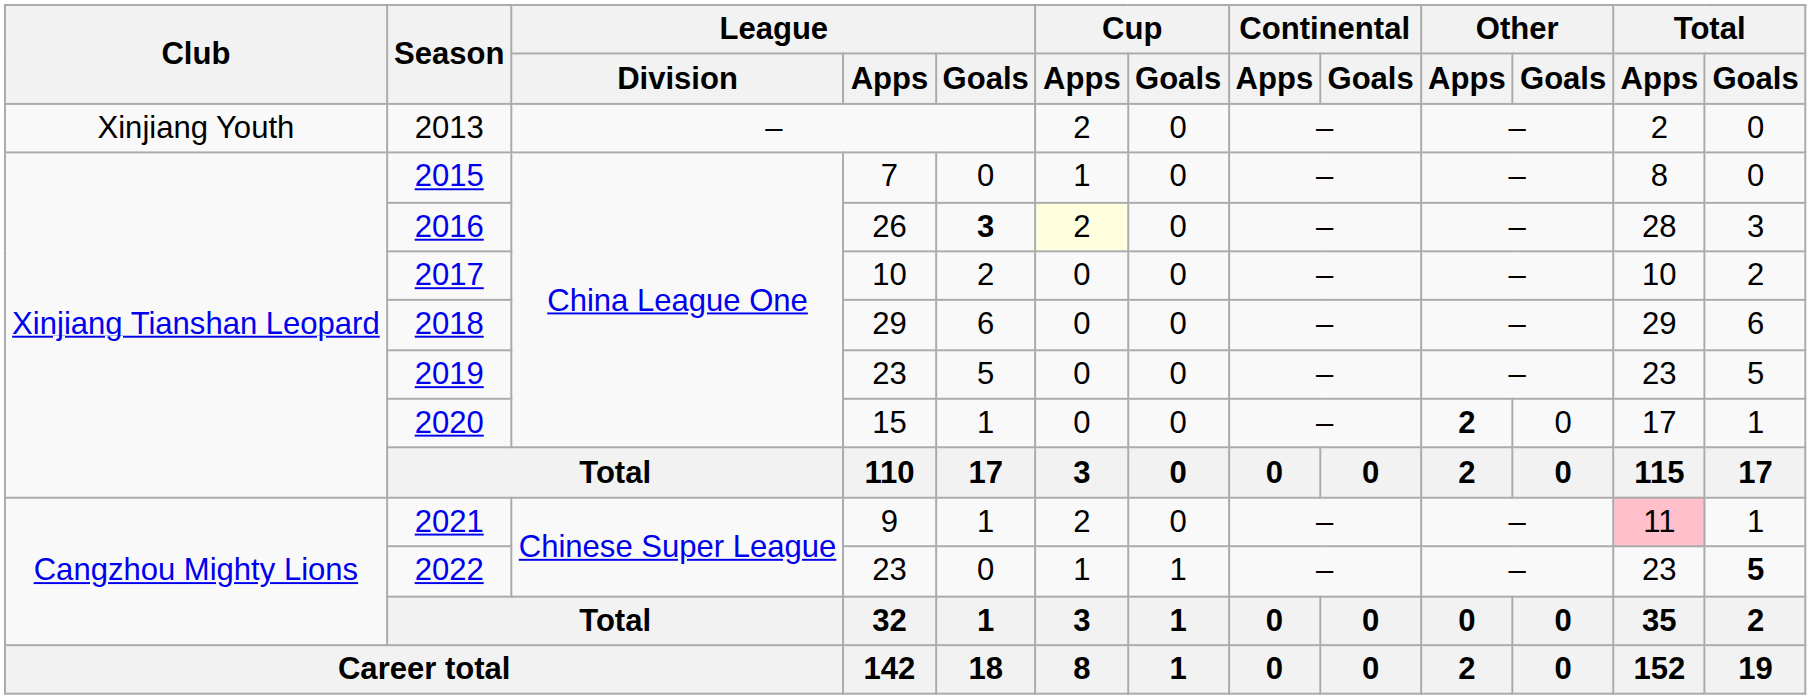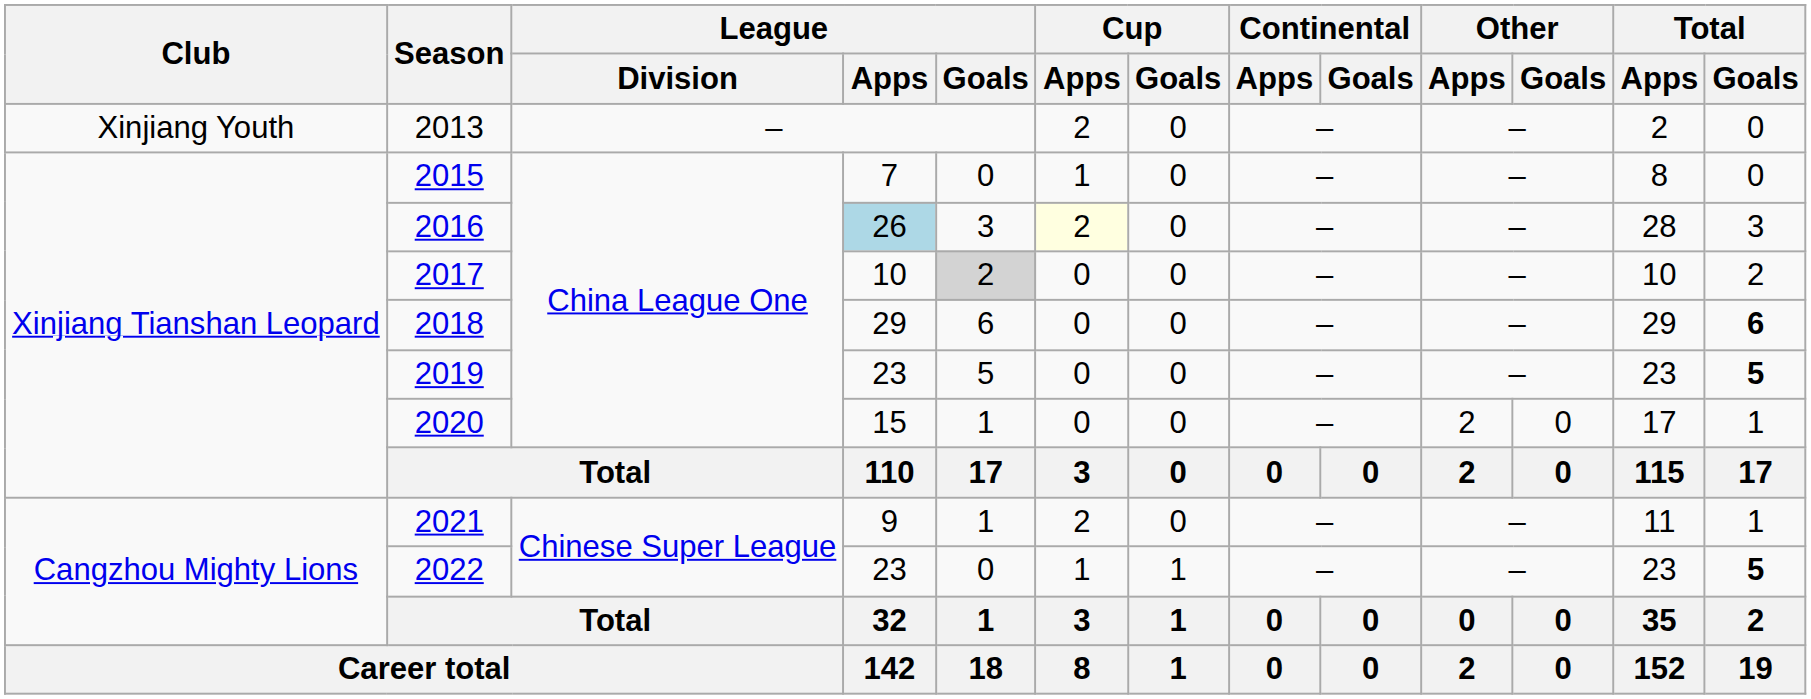 <table class="wikitable" style="text-align: center">
 <tr>
 <th rowspan="2">Club</th>
 <th rowspan="2">Season</th>
 <th colspan="3">League</th>
 <th colspan="2">Cup</th>
 <th colspan="2">Continental</th>
 <th colspan="2">Other</th>
 <th colspan="2">Total</th>
 </tr>
 <tr>
 <th>Division</th>
 <th>Apps</th>
 <th>Goals</th>
 <th>Apps</th>
 <th>Goals</th>
 <th>Apps</th>
 <th>Goals</th>
 <th>Apps</th>
 <th>Goals</th>
 <th>Apps</th>
 <th>Goals</th>
 </tr>
 <tr>
 <td>Xinjiang Youth</td>
 <td>2013</td>
 <td colspan="3">–</td>
 <td>2</td>
 <td>0</td>
 <td colspan="2">–</td>
 <td colspan="2">–</td>
 <td>2</td>
 <td>0</td>
 </tr>
 <tr>
 <td rowspan="7"><a href='#'>Xinjiang Tianshan Leopard</a></td>
 <td><a href='#'>2015</a></td>
 <td rowspan="6"><a href='#'>China League One</a></td>
 <td>7</td>
 <td>0</td>
 <td>1</td>
 <td>0</td>
 <td colspan="2">–</td>
 <td colspan="2">–</td>
 <td>8</td>
 <td>0</td>
 </tr>
 <tr>
 <td><a href='#'>2016</a></td>
-<td>26</td>
-<td><strong>3</strong></td>
+<td style="background: lightblue;">26</td>
+<td>3</td>
 <td style="background: lightyellow;">2</td>
 <td>0</td>
 <td colspan="2">–</td>
 <td colspan="2">–</td>
 <td>28</td>
 <td>3</td>
 </tr>
 <tr>
 <td><a href='#'>2017</a></td>
 <td>10</td>
-<td>2</td>
+<td style="background: lightgrey;">2</td>
 <td>0</td>
 <td>0</td>
 <td colspan="2">–</td>
 <td colspan="2">–</td>
 <td>10</td>
 <td>2</td>
 </tr>
 <tr>
 <td><a href='#'>2018</a></td>
 <td>29</td>
 <td>6</td>
 <td>0</td>
 <td>0</td>
 <td colspan="2">–</td>
 <td colspan="2">–</td>
 <td>29</td>
-<td>6</td>
+<td><strong>6</strong></td>
 </tr>
 <tr>
 <td><a href='#'>2019</a></td>
 <td>23</td>
 <td>5</td>
 <td>0</td>
 <td>0</td>
 <td colspan="2">–</td>
 <td colspan="2">–</td>
 <td>23</td>
-<td>5</td>
+<td><strong>5</strong></td>
 </tr>
 <tr>
 <td><a href='#'>2020</a></td>
 <td>15</td>
 <td>1</td>
 <td>0</td>
 <td>0</td>
 <td colspan="2">–</td>
-<td><strong>2</strong></td>
+<td>2</td>
 <td>0</td>
 <td>17</td>
 <td>1</td>
 </tr>
 <tr>
 <th colspan=2>Total</th>
 <th>110</th>
 <th>17</th>
 <th>3</th>
 <th>0</th>
 <th>0</th>
 <th>0</th>
 <th>2</th>
 <th>0</th>
 <th>115</th>
 <th>17</th>
 </tr>
 <tr>
 <td rowspan=3><a href='#'>Cangzhou Mighty Lions</a></td>
 <td><a href='#'>2021</a></td>
 <td rowspan=2><a href='#'>Chinese Super League</a></td>
 <td>9</td>
 <td>1</td>
 <td>2</td>
 <td>0</td>
 <td colspan="2">–</td>
 <td colspan="2">–</td>
-<td style="background: pink;">11</td>
+<td>11</td>
 <td>1</td>
 </tr>
 <tr>
 <td><a href='#'>2022</a></td>
 <td>23</td>
 <td>0</td>
 <td>1</td>
 <td>1</td>
 <td colspan="2">–</td>
 <td colspan="2">–</td>
 <td>23</td>
 <td><strong>5</strong></td>
 </tr>
 <tr>
 <th colspan=2>Total</th>
 <th>32</th>
 <th>1</th>
 <th>3</th>
 <th>1</th>
 <th>0</th>
 <th>0</th>
 <th>0</th>
 <th>0</th>
 <th>35</th>
 <th>2</th>
 </tr>
 <tr>
 <th colspan=3>Career total</th>
 <th>142</th>
 <th>18</th>
 <th>8</th>
 <th>1</th>
 <th>0</th>
 <th>0</th>
 <th>2</th>
 <th>0</th>
 <th>152</th>
 <th>19</th>
 </tr>
 </table>
